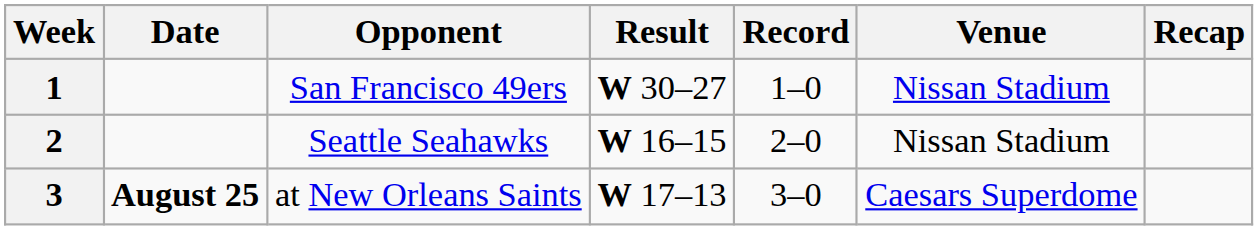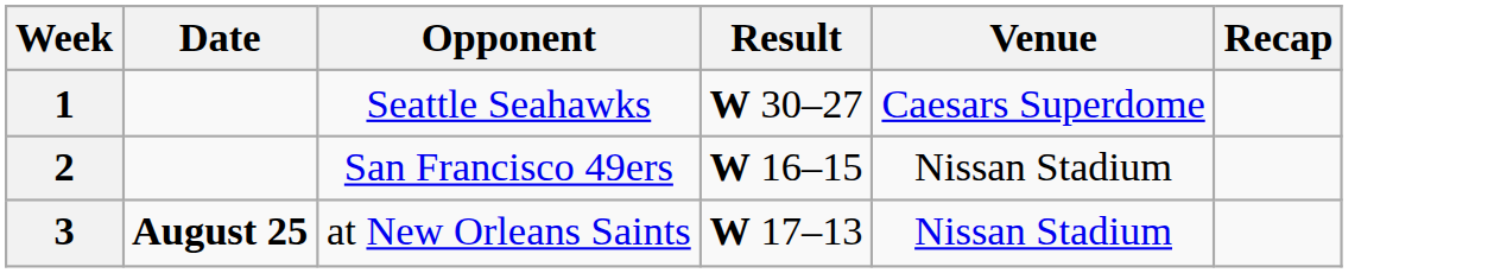 <table class="wikitable" style="text-align:center">
 <tr>
 <th>Week</th>
 <th>Date</th>
 <th>Opponent</th>
 <th>Result</th>
-<th>Record</th>
 <th>Venue</th>
 <th>Recap</th>
 </tr>
 <tr>
 <th>1</th>
 <td></td>
-<td><a href='#'>San Francisco 49ers</a></td>
+<td><a href='#'>Seattle Seahawks</a></td>
 <td><strong>W</strong> 30–27</td>
-<td>1–0</td>
-<td><a href='#'>Nissan Stadium</a></td>
+<td><a href='#'>Caesars Superdome</a></td>
 <td></td>
 </tr>
 <tr>
 <th>2</th>
 <td></td>
-<td><a href='#'>Seattle Seahawks</a></td>
+<td><a href='#'>San Francisco 49ers</a></td>
 <td><strong>W</strong> 16–15</td>
-<td>2–0</td>
 <td>Nissan Stadium</td>
 <td></td>
 </tr>
 <tr>
 <th>3</th>
 <td><strong>August 25</strong></td>
 <td>at <a href='#'>New Orleans Saints</a></td>
 <td><strong>W</strong> 17–13</td>
-<td>3–0</td>
-<td><a href='#'>Caesars Superdome</a></td>
+<td><a href='#'>Nissan Stadium</a></td>
 <td></td>
 </tr>
 </table>
